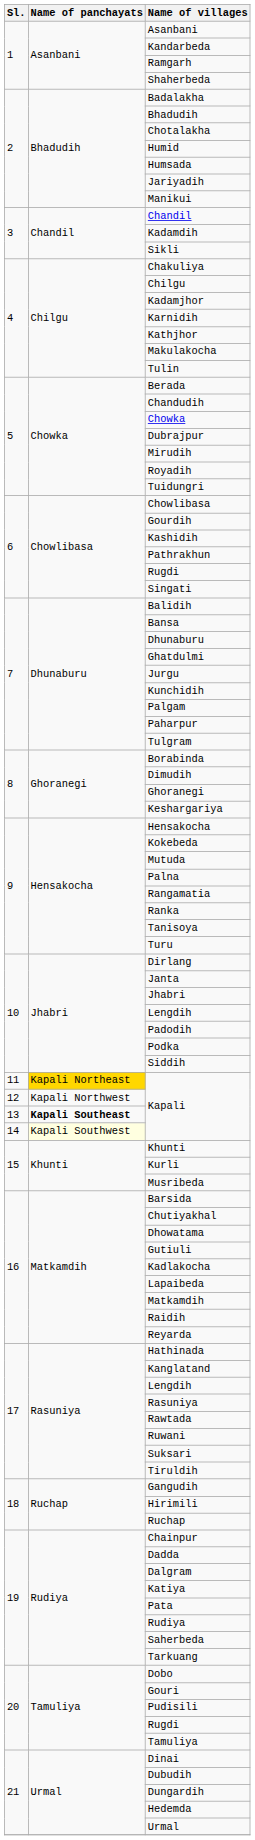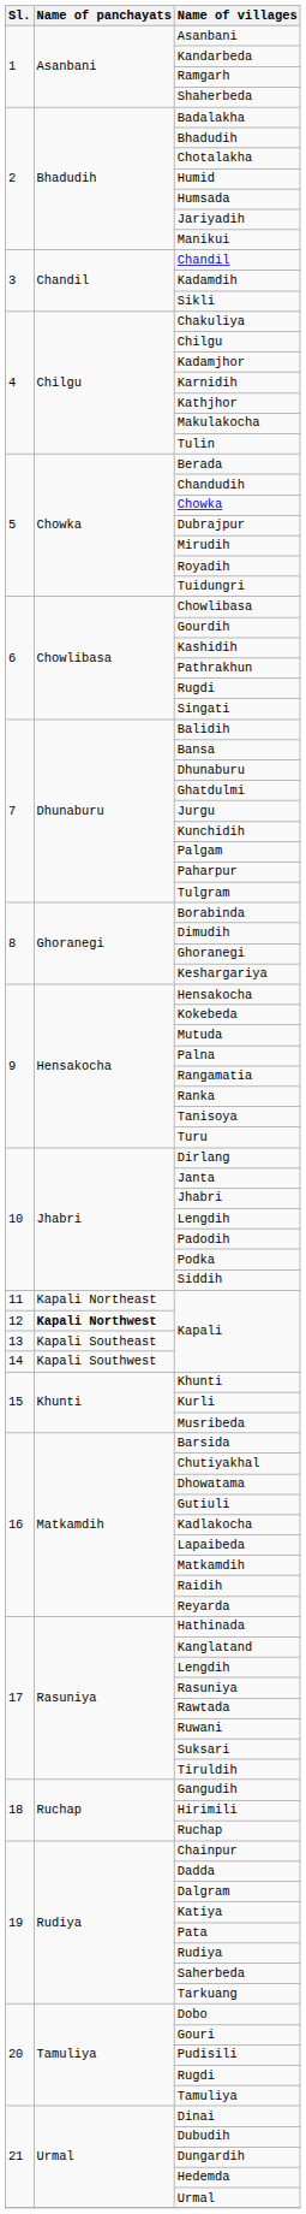 <table class="wikitable plainrowheaders sortable">
 <tr>
 <th scope="col">Sl.</th>
 <th scope="col">Name of panchayats</th>
 <th scope="col">Name of villages</th>
 </tr>
 <tr>
 <td rowspan="4">1</td>
 <td rowspan="4">Asanbani</td>
 <td>Asanbani</td>
 </tr>
 <tr>
 <td>Kandarbeda</td>
 </tr>
 <tr>
 <td>Ramgarh</td>
 </tr>
 <tr>
 <td>Shaherbeda</td>
 </tr>
 <tr>
 <td rowspan="7">2</td>
 <td rowspan="7">Bhadudih</td>
 <td>Badalakha</td>
 </tr>
 <tr>
 <td>Bhadudih</td>
 </tr>
 <tr>
 <td>Chotalakha</td>
 </tr>
 <tr>
 <td>Humid</td>
 </tr>
 <tr>
 <td>Humsada</td>
 </tr>
 <tr>
 <td>Jariyadih</td>
 </tr>
 <tr>
 <td>Manikui</td>
 </tr>
 <tr>
 <td rowspan="3">3</td>
 <td rowspan="3">Chandil</td>
 <td><a href='#'>Chandil</a></td>
 </tr>
 <tr>
 <td>Kadamdih</td>
 </tr>
 <tr>
 <td>Sikli</td>
 </tr>
 <tr>
 <td rowspan="7">4</td>
 <td rowspan="7">Chilgu</td>
 <td>Chakuliya</td>
 </tr>
 <tr>
 <td>Chilgu</td>
 </tr>
 <tr>
 <td>Kadamjhor</td>
 </tr>
 <tr>
 <td>Karnidih</td>
 </tr>
 <tr>
 <td>Kathjhor</td>
 </tr>
 <tr>
 <td>Makulakocha</td>
 </tr>
 <tr>
 <td>Tulin</td>
 </tr>
 <tr>
 <td rowspan="7">5</td>
 <td rowspan="7">Chowka</td>
 <td>Berada</td>
 </tr>
 <tr>
 <td>Chandudih</td>
 </tr>
 <tr>
 <td><a href='#'>Chowka</a></td>
 </tr>
 <tr>
 <td>Dubrajpur</td>
 </tr>
 <tr>
 <td>Mirudih</td>
 </tr>
 <tr>
 <td>Royadih</td>
 </tr>
 <tr>
 <td>Tuidungri</td>
 </tr>
 <tr>
 <td rowspan="6">6</td>
 <td rowspan="6">Chowlibasa</td>
 <td>Chowlibasa</td>
 </tr>
 <tr>
 <td>Gourdih</td>
 </tr>
 <tr>
 <td>Kashidih</td>
 </tr>
 <tr>
 <td>Pathrakhun</td>
 </tr>
 <tr>
 <td>Rugdi</td>
 </tr>
 <tr>
 <td>Singati</td>
 </tr>
 <tr>
 <td rowspan="9">7</td>
 <td rowspan="9">Dhunaburu</td>
 <td>Balidih</td>
 </tr>
 <tr>
 <td>Bansa</td>
 </tr>
 <tr>
 <td>Dhunaburu</td>
 </tr>
 <tr>
 <td>Ghatdulmi</td>
 </tr>
 <tr>
 <td>Jurgu</td>
 </tr>
 <tr>
 <td>Kunchidih</td>
 </tr>
 <tr>
 <td>Palgam</td>
 </tr>
 <tr>
 <td>Paharpur</td>
 </tr>
 <tr>
 <td>Tulgram</td>
 </tr>
 <tr>
 <td rowspan="4">8</td>
 <td rowspan="4">Ghoranegi</td>
 <td>Borabinda</td>
 </tr>
 <tr>
 <td>Dimudih</td>
 </tr>
 <tr>
 <td>Ghoranegi</td>
 </tr>
 <tr>
 <td>Keshargariya</td>
 </tr>
 <tr>
 <td rowspan="8">9</td>
 <td rowspan="8">Hensakocha</td>
 <td>Hensakocha</td>
 </tr>
 <tr>
 <td>Kokebeda</td>
 </tr>
 <tr>
 <td>Mutuda</td>
 </tr>
 <tr>
 <td>Palna</td>
 </tr>
 <tr>
 <td>Rangamatia</td>
 </tr>
 <tr>
 <td>Ranka</td>
 </tr>
 <tr>
 <td>Tanisoya</td>
 </tr>
 <tr>
 <td>Turu</td>
 </tr>
 <tr>
 <td rowspan="7">10</td>
 <td rowspan="7">Jhabri</td>
 <td>Dirlang</td>
 </tr>
 <tr>
 <td>Janta</td>
 </tr>
 <tr>
 <td>Jhabri</td>
 </tr>
 <tr>
 <td>Lengdih</td>
 </tr>
 <tr>
 <td>Padodih</td>
 </tr>
 <tr>
 <td>Podka</td>
 </tr>
 <tr>
 <td>Siddih</td>
 </tr>
 <tr>
 <td>11</td>
-<td style="background: gold;">Kapali Northeast</td>
+<td>Kapali Northeast</td>
 <td rowspan="4">Kapali</td>
 </tr>
 <tr>
 <td>12</td>
-<td>Kapali Northwest</td>
+<td><strong>Kapali Northwest</strong></td>
 </tr>
 <tr>
 <td>13</td>
-<td><strong>Kapali Southeast</strong></td>
+<td>Kapali Southeast</td>
 </tr>
 <tr>
 <td>14</td>
-<td style="background: lightyellow;">Kapali Southwest</td>
+<td>Kapali Southwest</td>
 </tr>
 <tr>
 <td rowspan="3">15</td>
 <td rowspan="3">Khunti</td>
 <td>Khunti</td>
 </tr>
 <tr>
 <td>Kurli</td>
 </tr>
 <tr>
 <td>Musribeda</td>
 </tr>
 <tr>
 <td rowspan="9">16</td>
 <td rowspan="9">Matkamdih</td>
 <td>Barsida</td>
 </tr>
 <tr>
 <td>Chutiyakhal</td>
 </tr>
 <tr>
 <td>Dhowatama</td>
 </tr>
 <tr>
 <td>Gutiuli</td>
 </tr>
 <tr>
 <td>Kadlakocha</td>
 </tr>
 <tr>
 <td>Lapaibeda</td>
 </tr>
 <tr>
 <td>Matkamdih</td>
 </tr>
 <tr>
 <td>Raidih</td>
 </tr>
 <tr>
 <td>Reyarda</td>
 </tr>
 <tr>
 <td rowspan="8">17</td>
 <td rowspan="8">Rasuniya</td>
 <td>Hathinada</td>
 </tr>
 <tr>
 <td>Kanglatand</td>
 </tr>
 <tr>
 <td>Lengdih</td>
 </tr>
 <tr>
 <td>Rasuniya</td>
 </tr>
 <tr>
 <td>Rawtada</td>
 </tr>
 <tr>
 <td>Ruwani</td>
 </tr>
 <tr>
 <td>Suksari</td>
 </tr>
 <tr>
 <td>Tiruldih</td>
 </tr>
 <tr>
 <td rowspan="3">18</td>
 <td rowspan="3">Ruchap</td>
 <td>Gangudih</td>
 </tr>
 <tr>
 <td>Hirimili</td>
 </tr>
 <tr>
 <td>Ruchap</td>
 </tr>
 <tr>
 <td rowspan="8">19</td>
 <td rowspan="8">Rudiya</td>
 <td>Chainpur</td>
 </tr>
 <tr>
 <td>Dadda</td>
 </tr>
 <tr>
 <td>Dalgram</td>
 </tr>
 <tr>
 <td>Katiya</td>
 </tr>
 <tr>
 <td>Pata</td>
 </tr>
 <tr>
 <td>Rudiya</td>
 </tr>
 <tr>
 <td>Saherbeda</td>
 </tr>
 <tr>
 <td>Tarkuang</td>
 </tr>
 <tr>
 <td rowspan="5">20</td>
 <td rowspan="5">Tamuliya</td>
 <td>Dobo</td>
 </tr>
 <tr>
 <td>Gouri</td>
 </tr>
 <tr>
 <td>Pudisili</td>
 </tr>
 <tr>
 <td>Rugdi</td>
 </tr>
 <tr>
 <td>Tamuliya</td>
 </tr>
 <tr>
 <td rowspan="5">21</td>
 <td rowspan="5">Urmal</td>
 <td>Dinai</td>
 </tr>
 <tr>
 <td>Dubudih</td>
 </tr>
 <tr>
 <td>Dungardih</td>
 </tr>
 <tr>
 <td>Hedemda</td>
 </tr>
 <tr>
 <td>Urmal</td>
 </tr>
 <tr>
 </tr>
 </table>
